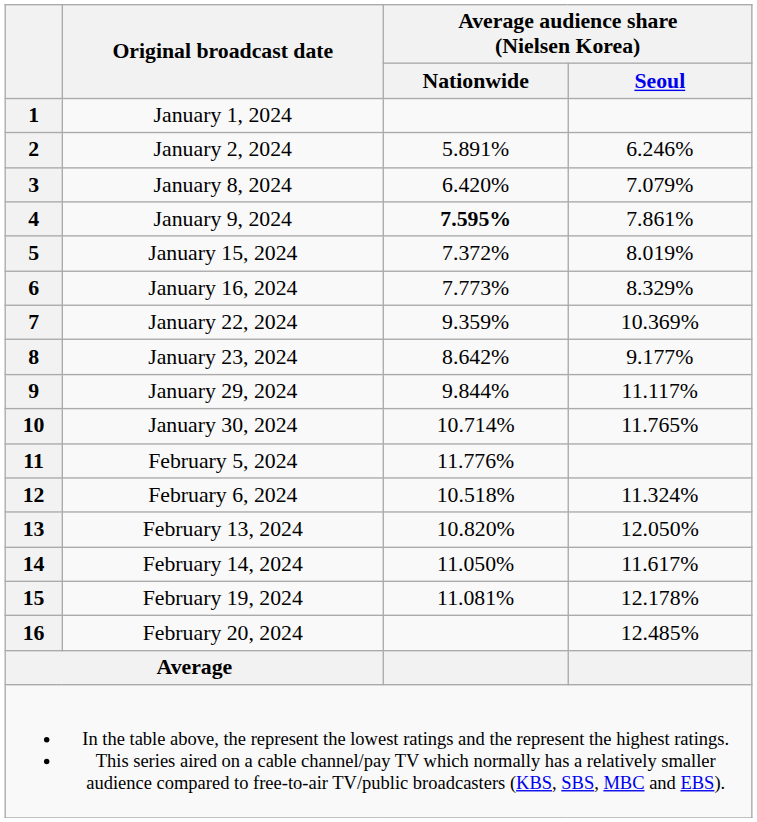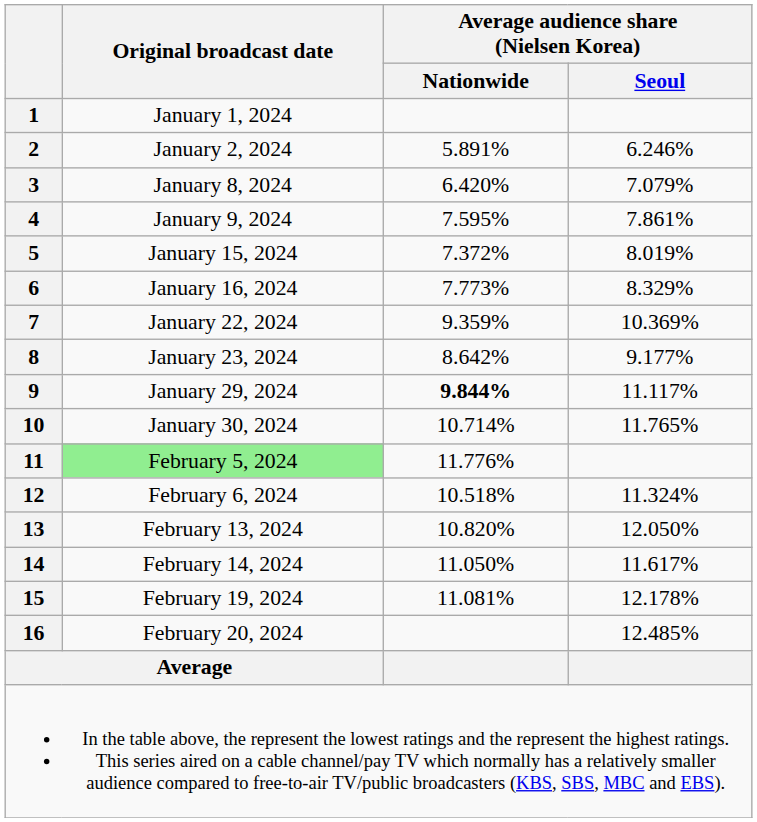 <table class="wikitable" style="margin-left:auto; margin-right:auto; width:550px; text-align:center">
 <tr>
 <th scope="col" rowspan="2"></th>
 <th scope="col" rowspan="2">Original broadcast date</th>
 <th scope="col" colspan="2">Average audience share<br>(Nielsen Korea)</th>
 </tr>
 <tr>
 <th scope="col" style="width:8em">Nationwide</th>
 <th scope="col" style="width:8em"><a href='#'>Seoul</a></th>
 </tr>
 <tr>
 <th scope="row">1</th>
 <td>January 1, 2024</td>
 <td><strong></strong> </td>
 <td><strong></strong> </td>
 </tr>
 <tr>
 <th scope="row">2</th>
 <td>January 2, 2024</td>
 <td>5.891% </td>
 <td>6.246% </td>
 </tr>
 <tr>
 <th scope="row">3</th>
 <td>January 8, 2024</td>
 <td>6.420% </td>
 <td>7.079% </td>
 </tr>
 <tr>
 <th scope="row">4</th>
 <td>January 9, 2024</td>
-<td><strong>7.595% </strong></td>
+<td>7.595% </td>
 <td>7.861% </td>
 </tr>
 <tr>
 <th scope="row">5</th>
 <td>January 15, 2024</td>
 <td>7.372% </td>
 <td>8.019% </td>
 </tr>
 <tr>
 <th scope="row">6</th>
 <td>January 16, 2024</td>
 <td>7.773% </td>
 <td>8.329% </td>
 </tr>
 <tr>
 <th scope="row">7</th>
 <td>January 22, 2024</td>
 <td>9.359% </td>
 <td>10.369% </td>
 </tr>
 <tr>
 <th scope="row">8</th>
 <td>January 23, 2024</td>
 <td>8.642% </td>
 <td>9.177% </td>
 </tr>
 <tr>
 <th scope="row">9</th>
 <td>January 29, 2024</td>
-<td>9.844% </td>
+<td><strong>9.844% </strong></td>
 <td>11.117% </td>
 </tr>
 <tr>
 <th scope="row">10</th>
 <td>January 30, 2024</td>
 <td>10.714% </td>
 <td>11.765% </td>
 </tr>
 <tr>
 <th scope="row">11</th>
-<td>February 5, 2024</td>
+<td style="background: lightgreen;">February 5, 2024</td>
 <td>11.776% </td>
 <td><strong></strong> </td>
 </tr>
 <tr>
 <th scope="row">12</th>
 <td>February 6, 2024</td>
 <td>10.518% </td>
 <td>11.324% </td>
 </tr>
 <tr>
 <th scope="row">13</th>
 <td>February 13, 2024</td>
 <td>10.820% </td>
 <td>12.050% </td>
 </tr>
 <tr>
 <th scope="row">14</th>
 <td>February 14, 2024</td>
 <td>11.050% </td>
 <td>11.617% </td>
 </tr>
 <tr>
 <th scope="row">15</th>
 <td>February 19, 2024</td>
 <td>11.081% </td>
 <td>12.178% </td>
 </tr>
 <tr>
 <th scope="row">16</th>
 <td>February 20, 2024</td>
 <td><strong></strong> </td>
 <td>12.485% </td>
 </tr>
 <tr>
 <th scope="row" colspan="2">Average</th>
 <th></th>
 <th></th>
 </tr>
 <tr>
 <td colspan="4" style="font-size:85%"><br><ul><li>In the table above, the <strong></strong> represent the lowest ratings and the <strong></strong> represent the highest ratings.</li><li>This series aired on a cable channel/pay TV which normally has a relatively smaller audience compared to free-to-air TV/public broadcasters (<a href='#'>KBS</a>, <a href='#'>SBS</a>, <a href='#'>MBC</a> and <a href='#'>EBS</a>).</li></ul></td>
 </tr>
 </table>
